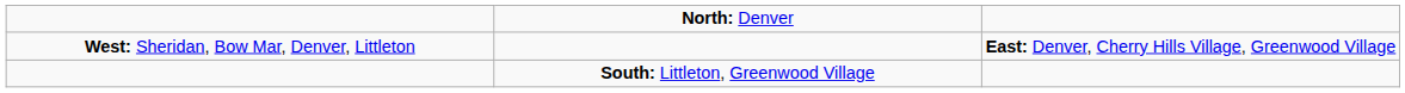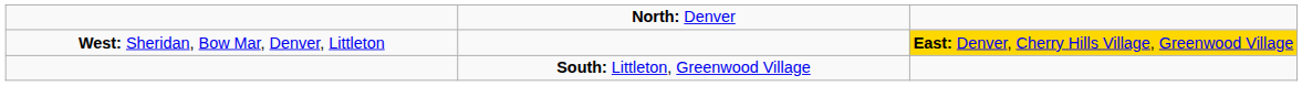 <table class="wikitable" style="margin:auto;">
 <tr>
 <td width = 35% align="center"></td>
 <td width = 30% align="center"><strong>North:</strong> <a href='#'>Denver</a></td>
 <td width = 35% align="center"></td>
 </tr>
 <tr>
 <td width = 10% align="center"><strong>West:</strong> <a href='#'>Sheridan</a>, <a href='#'>Bow Mar</a>, <a href='#'>Denver</a>, <a href='#'>Littleton</a></td>
 <td width = 35% align="center"></td>
-<td width = 30% align="center"><strong>East:</strong> <a href='#'>Denver</a>, <a href='#'>Cherry Hills Village</a>, <a href='#'>Greenwood Village</a></td>
+<td width = 30% align="center" style="background: gold;"><strong>East:</strong> <a href='#'>Denver</a>, <a href='#'>Cherry Hills Village</a>, <a href='#'>Greenwood Village</a></td>
 </tr>
 <tr>
 <td width = 35% align="center"></td>
 <td width = 30% align="center"><strong>South:</strong> <a href='#'>Littleton</a>, <a href='#'>Greenwood Village</a></td>
 <td width = 35% align="center"></td>
 </tr>
 </table>
